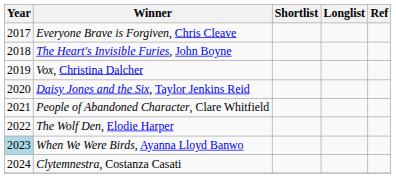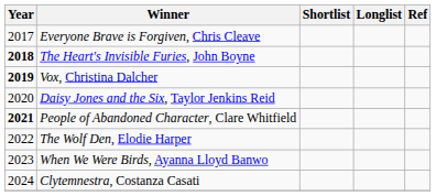 <table class="wikitable">
 <tr>
 <th>Year</th>
 <th>Winner</th>
 <th>Shortlist</th>
 <th>Longlist</th>
 <th>Ref</th>
 </tr>
 <tr>
 <td>2017</td>
 <td><em>Everyone Brave is Forgiven</em>, <a href='#'>Chris Cleave</a></td>
 <td></td>
 <td></td>
 <td></td>
 </tr>
 <tr>
-<td>2018</td>
+<td><strong>2018</strong></td>
 <td><em><a href='#'>The Heart's Invisible Furies</a></em>, <a href='#'>John Boyne</a></td>
 <td></td>
 <td></td>
 <td></td>
 </tr>
 <tr>
-<td>2019</td>
+<td><strong>2019</strong></td>
 <td><em>Vox</em>, <a href='#'>Christina Dalcher</a></td>
 <td></td>
 <td></td>
 <td></td>
 </tr>
 <tr>
 <td>2020</td>
 <td><em><a href='#'>Daisy Jones and the Six</a></em>, <a href='#'>Taylor Jenkins Reid</a></td>
 <td></td>
 <td></td>
 <td></td>
 </tr>
 <tr>
-<td>2021</td>
+<td><strong>2021</strong></td>
 <td><em>People of Abandoned Character</em>, Clare Whitfield</td>
 <td></td>
 <td></td>
 <td></td>
 </tr>
 <tr>
 <td>2022</td>
 <td><em>The Wolf Den</em>, <a href='#'>Elodie Harper</a></td>
 <td></td>
 <td></td>
 <td></td>
 </tr>
 <tr>
-<td style="background: lightblue;">2023</td>
+<td>2023</td>
 <td><em>When We Were Birds</em>, <a href='#'>Ayanna Lloyd Banwo</a></td>
 <td></td>
 <td></td>
 <td></td>
 </tr>
 <tr>
 <td>2024</td>
 <td><em>Clytemnestra</em>, Costanza Casati</td>
 <td></td>
 <td></td>
 <td></td>
 </tr>
 <tr>
 </tr>
 </table>
